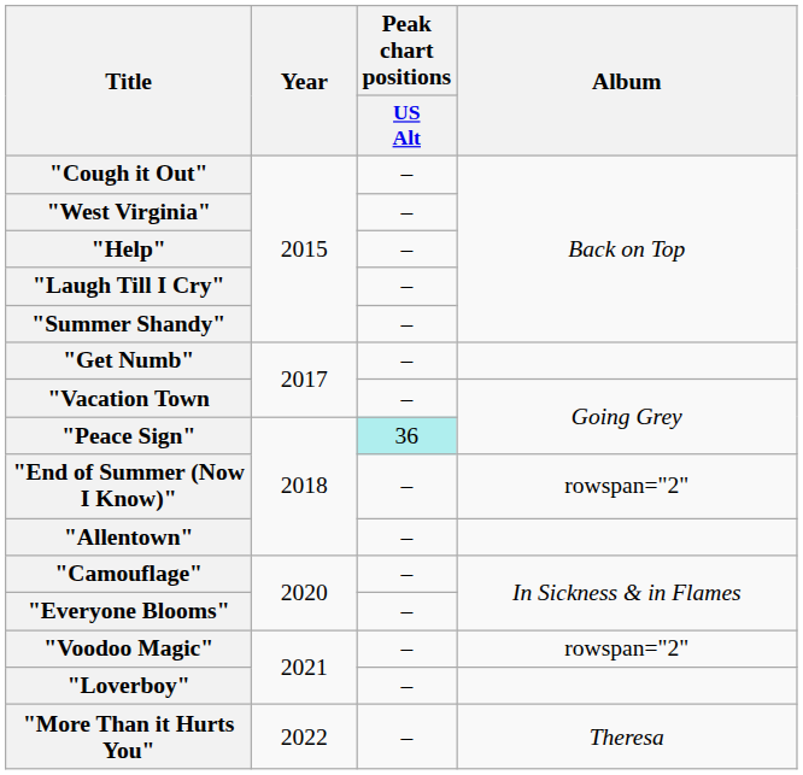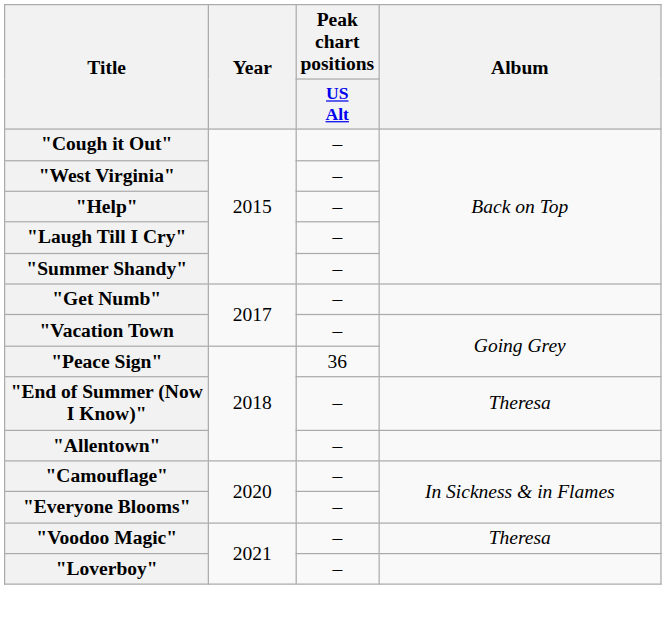 <table class="wikitable plainrowheaders" style="text-align:center;" border="1">
 <tr>
 <th scope="col" rowspan="2" style="width:10em;">Title</th>
 <th scope="col" rowspan="2" style="width:4em;">Year</th>
 <th scope="col" colspan="1">Peak chart positions</th>
 <th scope="col" rowspan="2" style="width:14em;">Album</th>
 </tr>
 <tr>
 <th scope="col" style="width:2em;font-size:90%;"><a href='#'>US<br>Alt</a><br></th>
 </tr>
 <tr>
 <th scope="row">"Cough it Out"</th>
 <td rowspan="5">2015</td>
 <td>–</td>
 <td rowspan="5"><em>Back on Top</em></td>
 </tr>
 <tr>
 <th scope="row">"West Virginia"</th>
 <td>–</td>
 </tr>
 <tr>
 <th scope="row">"Help"</th>
 <td>–</td>
 </tr>
 <tr>
 <th scope="row">"Laugh Till I Cry"</th>
 <td>–</td>
 </tr>
 <tr>
 <th scope="row">"Summer Shandy"</th>
 <td>–</td>
 </tr>
 <tr>
 <th scope="row">"Get Numb"</th>
 <td rowspan="2">2017</td>
 <td>–</td>
 <td></td>
 </tr>
 <tr>
 <th scope="row">"Vacation Town</th>
 <td>–</td>
 <td rowspan="2"><em>Going Grey</em></td>
 </tr>
 <tr>
 <th scope="row">"Peace Sign"</th>
 <td rowspan="3">2018</td>
-<td style="background: paleturquoise;">36</td>
+<td>36</td>
 </tr>
 <tr>
 <th scope="row">"End of Summer (Now I Know)"</th>
 <td>–</td>
-<td>rowspan="2" </td>
+<td><em>Theresa</em></td>
 </tr>
 <tr>
 <th scope="row">"Allentown"<br></th>
 <td>–</td>
 </tr>
 <tr>
 <th scope="row">"Camouflage"</th>
 <td rowspan="2">2020</td>
 <td>–</td>
 <td rowspan="2"><em>In Sickness & in Flames</em></td>
 </tr>
 <tr>
 <th scope="row">"Everyone Blooms"</th>
 <td>–</td>
 </tr>
 <tr>
 <th scope="row">"Voodoo Magic"</th>
 <td rowspan="2">2021</td>
 <td>–</td>
-<td>rowspan="2" </td>
+<td><em>Theresa</em></td>
 </tr>
 <tr>
 <th scope="row">"Loverboy"</th>
 <td>–</td>
 </tr>
-<tr>
-<th scope="row">"More Than it Hurts You"</th>
-<td>2022</td>
-<td>–</td>
-<td><em>Theresa</em></td>
-</tr>
 </table>
